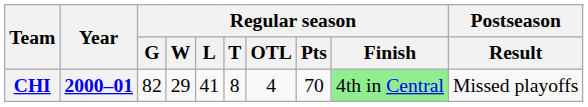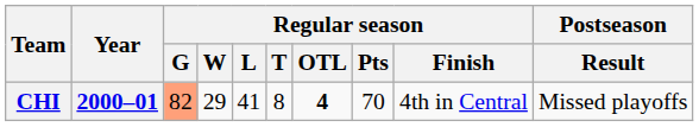 <table class="wikitable" style="font-size:95%; text-align:center;">
 <tr>
 <th rowspan="2">Team</th>
 <th rowspan="2">Year</th>
 <th colspan="7">Regular season</th>
 <th>Postseason</th>
 </tr>
 <tr>
 <th>G</th>
 <th>W</th>
 <th>L</th>
 <th>T</th>
 <th>OTL</th>
 <th>Pts</th>
 <th>Finish</th>
 <th>Result</th>
 </tr>
 <tr>
 <th><a href='#'>CHI</a></th>
 <th><a href='#'>2000–01</a></th>
-<td>82</td>
+<td style="background: lightsalmon;">82</td>
 <td>29</td>
 <td>41</td>
 <td>8</td>
-<td>4</td>
+<td><strong>4</strong></td>
 <td>70</td>
-<td style="background: lightgreen;">4th in <a href='#'>Central</a></td>
+<td>4th in <a href='#'>Central</a></td>
 <td>Missed playoffs</td>
 </tr>
 </table>
